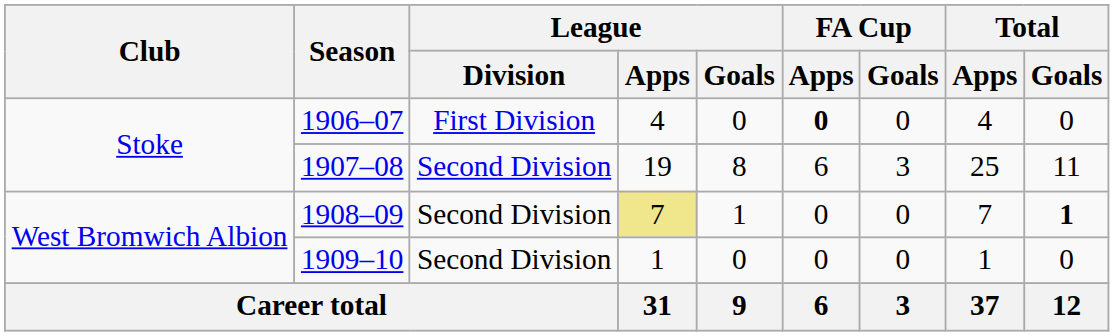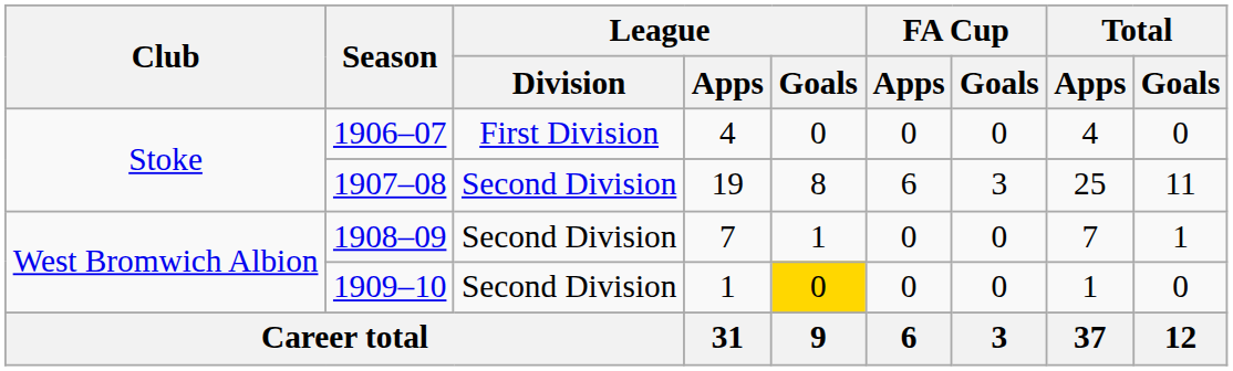 <table class="wikitable" style="text-align: center;">
 <tr>
 <th rowspan="2">Club</th>
 <th rowspan="2">Season</th>
 <th colspan="3">League</th>
 <th colspan="2">FA Cup</th>
 <th colspan="2">Total</th>
 </tr>
 <tr>
 <th>Division</th>
 <th>Apps</th>
 <th>Goals</th>
 <th>Apps</th>
 <th>Goals</th>
 <th>Apps</th>
 <th>Goals</th>
 </tr>
 <tr>
 <td rowspan="2"><a href='#'>Stoke</a></td>
 <td><a href='#'>1906–07</a></td>
 <td><a href='#'>First Division</a></td>
 <td>4</td>
 <td>0</td>
-<td><strong>0</strong></td>
+<td>0</td>
 <td>0</td>
 <td>4</td>
 <td>0</td>
 </tr>
 <tr>
 <td><a href='#'>1907–08</a></td>
 <td><a href='#'>Second Division</a></td>
 <td>19</td>
 <td>8</td>
 <td>6</td>
 <td>3</td>
 <td>25</td>
 <td>11</td>
 </tr>
 <tr>
 <td rowspan="2"><a href='#'>West Bromwich Albion</a></td>
 <td><a href='#'>1908–09</a></td>
 <td>Second Division</td>
-<td style="background: khaki;">7</td>
+<td>7</td>
 <td>1</td>
 <td>0</td>
 <td>0</td>
 <td>7</td>
-<td><strong>1</strong></td>
+<td>1</td>
 </tr>
 <tr>
 <td><a href='#'>1909–10</a></td>
 <td>Second Division</td>
 <td>1</td>
-<td>0</td>
+<td style="background: gold;">0</td>
 <td>0</td>
 <td>0</td>
 <td>1</td>
 <td>0</td>
 </tr>
 <tr>
 <th colspan="3">Career total</th>
 <th>31</th>
 <th>9</th>
 <th>6</th>
 <th>3</th>
 <th>37</th>
 <th>12</th>
 </tr>
 </table>
